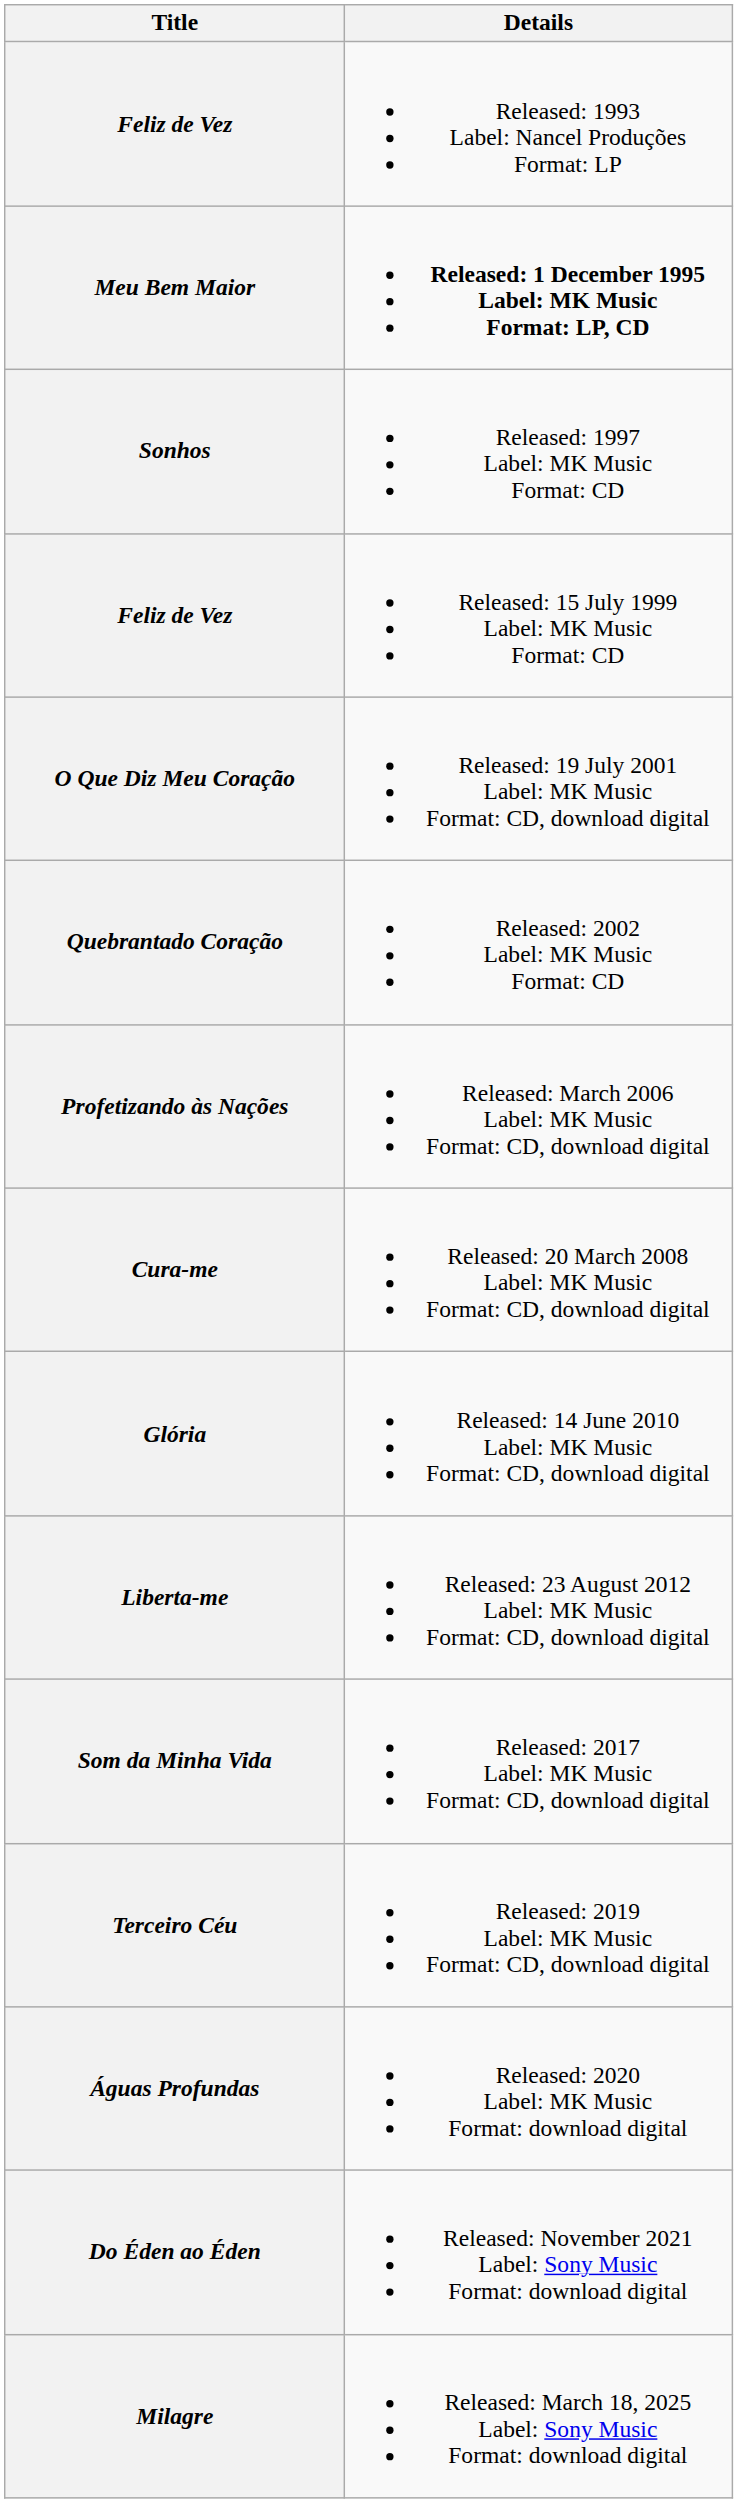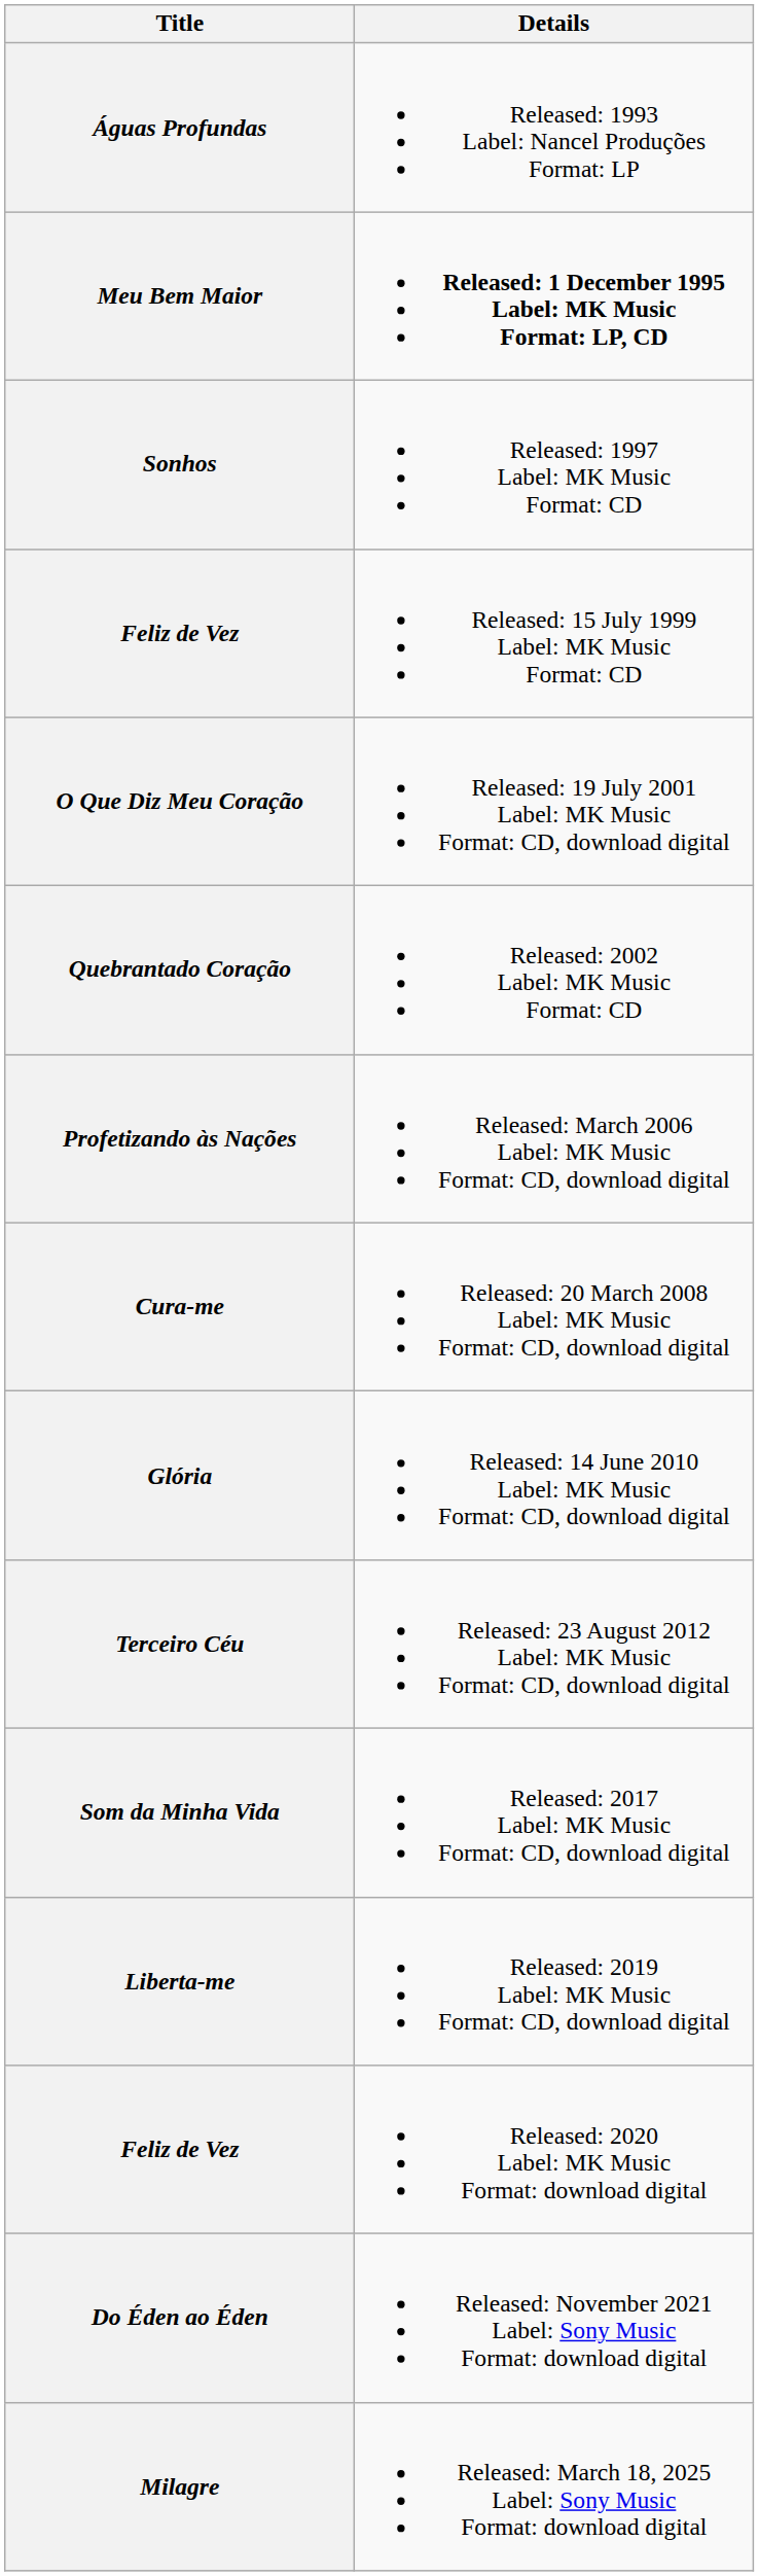 <table class="wikitable plainrowheaders" style="text-align:center;">
 <tr>
 <th scope="col" style="width:14em;">Title</th>
 <th scope="col" style="width:16em;">Details</th>
 </tr>
 <tr>
-<th scope="row"><em>Feliz de Vez</em></th>
+<th scope="row"><em>Águas Profundas</em></th>
 <td><br><ul><li>Released: 1993</li><li>Label: Nancel Produções</li><li>Format: LP</li></ul></td>
 </tr>
 <tr>
 <th scope="row"><em>Meu Bem Maior</em></th>
 <td><strong><br><ul><li>Released: 1 December 1995</li><li>Label: MK Music</li><li>Format: LP, CD</li></ul></strong></td>
 </tr>
 <tr>
 <th scope="row"><em>Sonhos</em></th>
 <td><br><ul><li>Released: 1997</li><li>Label: MK Music</li><li>Format: CD</li></ul></td>
 </tr>
 <tr>
 <th scope="row"><em>Feliz de Vez</em></th>
 <td><br><ul><li>Released: 15 July 1999</li><li>Label: MK Music</li><li>Format: CD</li></ul></td>
 </tr>
 <tr>
 <th scope="row"><em>O Que Diz Meu Coração</em></th>
 <td><br><ul><li>Released: 19 July 2001</li><li>Label: MK Music</li><li>Format: CD, download digital</li></ul></td>
 </tr>
 <tr>
 <th scope="row"><em>Quebrantado Coração</em></th>
 <td><br><ul><li>Released: 2002</li><li>Label: MK Music</li><li>Format: CD</li></ul></td>
 </tr>
 <tr>
 <th scope="row"><em>Profetizando às Nações</em></th>
 <td><br><ul><li>Released: March 2006</li><li>Label: MK Music</li><li>Format: CD, download digital</li></ul></td>
 </tr>
 <tr>
 <th scope="row"><em>Cura-me</em></th>
 <td><br><ul><li>Released: 20 March 2008</li><li>Label: MK Music</li><li>Format: CD, download digital</li></ul></td>
 </tr>
 <tr>
 <th scope="row"><em>Glória</em></th>
 <td><br><ul><li>Released: 14 June 2010</li><li>Label: MK Music</li><li>Format: CD, download digital</li></ul></td>
 </tr>
 <tr>
-<th scope="row"><em>Liberta-me</em></th>
+<th scope="row"><em>Terceiro Céu</em></th>
 <td><br><ul><li>Released: 23 August 2012</li><li>Label: MK Music</li><li>Format: CD, download digital</li></ul></td>
 </tr>
 <tr>
 <th scope="row"><em>Som da Minha Vida</em></th>
 <td><br><ul><li>Released: 2017</li><li>Label: MK Music</li><li>Format: CD, download digital</li></ul></td>
 </tr>
 <tr>
-<th scope="row"><em>Terceiro Céu</em></th>
+<th scope="row"><em>Liberta-me</em></th>
 <td><br><ul><li>Released: 2019</li><li>Label: MK Music</li><li>Format: CD, download digital</li></ul></td>
 </tr>
 <tr>
-<th scope="row"><em>Águas Profundas</em></th>
+<th scope="row"><em>Feliz de Vez</em></th>
 <td><br><ul><li>Released: 2020</li><li>Label: MK Music</li><li>Format: download digital</li></ul></td>
 </tr>
 <tr>
 <th scope="row"><em>Do Éden ao Éden</em></th>
 <td><br><ul><li>Released: November 2021</li><li>Label: <a href='#'>Sony Music</a></li><li>Format: download digital</li></ul></td>
 </tr>
 <tr>
 <th scope="row"><em>Milagre</em></th>
 <td><br><ul><li>Released: March 18, 2025</li><li>Label: <a href='#'>Sony Music</a></li><li>Format: download digital</li></ul></td>
 </tr>
 </table>
